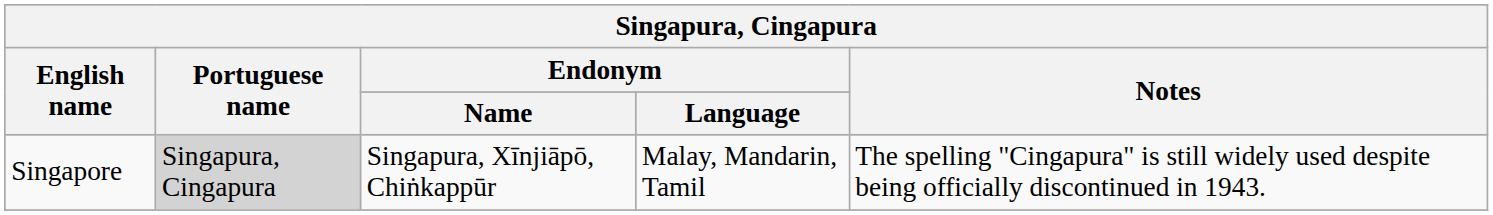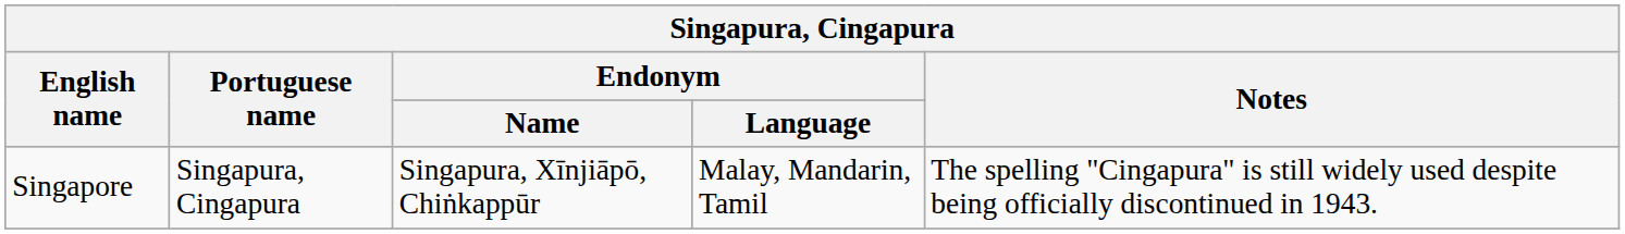 <table class="wikitable sortable">
 <tr>
 <th colspan="5"> Singapura, Cingapura</th>
 </tr>
 <tr>
 <th rowspan="2">English name</th>
 <th rowspan="2">Portuguese name</th>
 <th colspan="2">Endonym</th>
 <th rowspan="2">Notes</th>
 </tr>
 <tr>
 <th>Name</th>
 <th>Language</th>
 </tr>
 <tr>
 <td>Singapore</td>
-<td style="background: lightgrey;">Singapura, Cingapura</td>
+<td>Singapura, Cingapura</td>
 <td>Singapura, Xīnjiāpō, Chiṅkappūr</td>
 <td>Malay, Mandarin, Tamil</td>
 <td>The spelling "Cingapura" is still widely used despite being officially discontinued in 1943.</td>
 </tr>
 </table>
